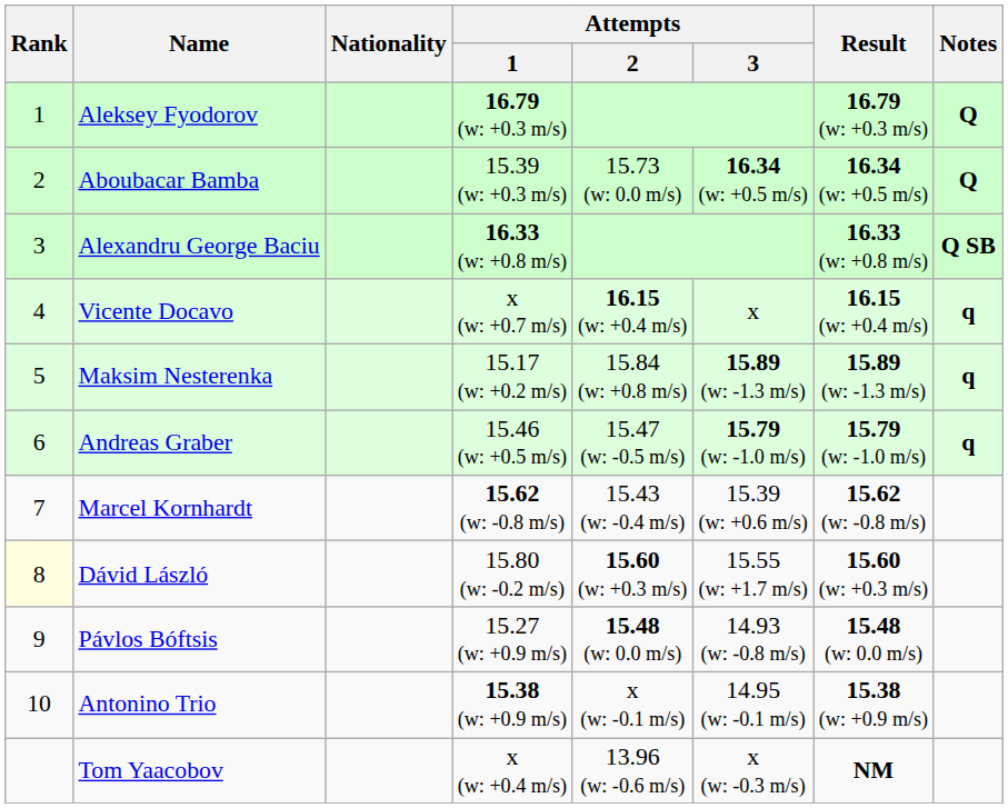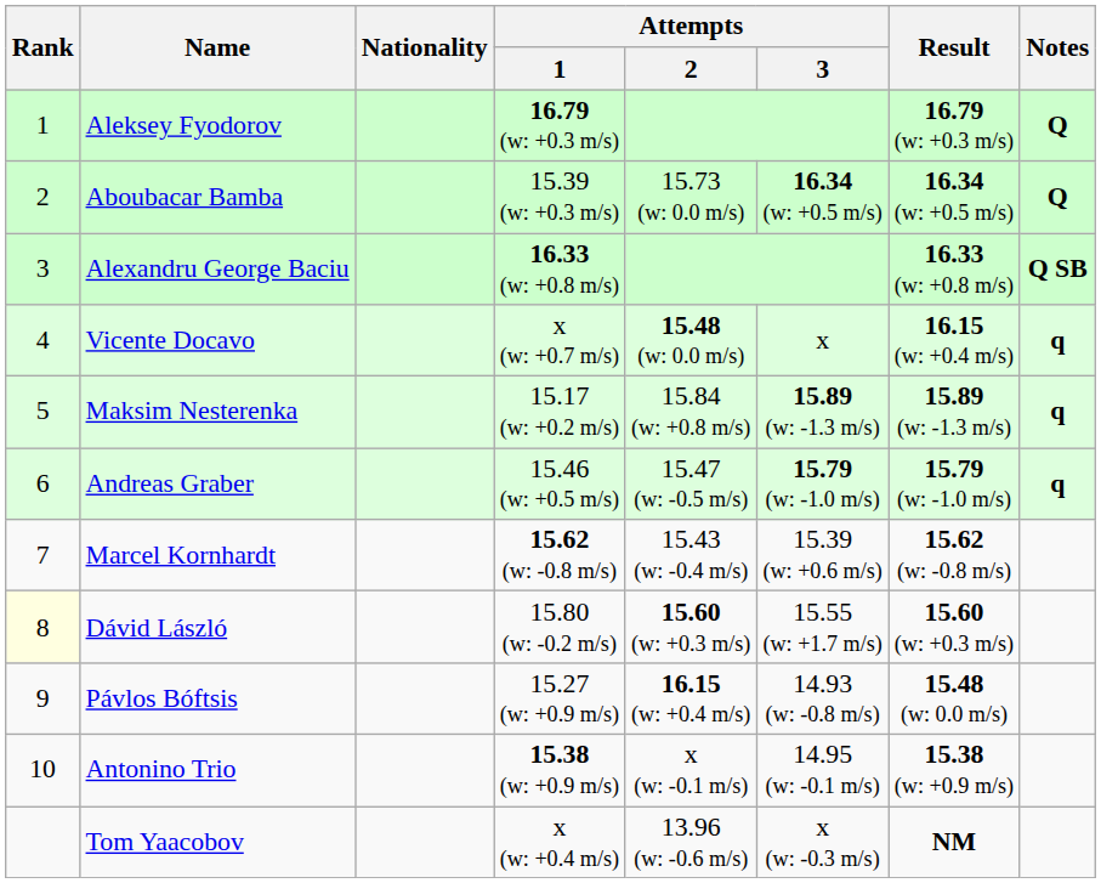 <table class="wikitable sortable" style="text-align:center">
 <tr>
 <th rowspan=2>Rank</th>
 <th rowspan=2>Name</th>
 <th rowspan=2>Nationality</th>
 <th colspan=3>Attempts</th>
 <th rowspan=2>Result</th>
 <th rowspan=2>Notes</th>
 </tr>
 <tr>
 <th>1</th>
 <th>2</th>
 <th>3</th>
 </tr>
 <tr bgcolor=ccffcc>
 <td>1</td>
 <td align=left><a href='#'>Aleksey Fyodorov</a></td>
 <td align=left></td>
 <td><strong>16.79</strong> <br><small>(w: +0.3 m/s)</small></td>
 <td colspan=2></td>
 <td><strong>16.79</strong> <br><small>(w: +0.3 m/s)</small></td>
 <td><strong>Q</strong></td>
 </tr>
 <tr bgcolor=ccffcc>
 <td>2</td>
 <td align=left><a href='#'>Aboubacar Bamba</a></td>
 <td align=left></td>
 <td>15.39 <br><small>(w: +0.3 m/s)</small></td>
 <td>15.73 <br><small>(w: 0.0 m/s)</small></td>
 <td><strong>16.34</strong> <br><small>(w: +0.5 m/s)</small></td>
 <td><strong>16.34</strong> <br><small>(w: +0.5 m/s)</small></td>
 <td><strong>Q</strong></td>
 </tr>
 <tr bgcolor=ccffcc>
 <td>3</td>
 <td align=left><a href='#'>Alexandru George Baciu</a></td>
 <td align=left></td>
 <td><strong>16.33</strong> <br><small>(w: +0.8 m/s)</small></td>
 <td colspan=2></td>
 <td><strong>16.33</strong> <br><small>(w: +0.8 m/s)</small></td>
 <td><strong>Q SB</strong></td>
 </tr>
 <tr bgcolor=ddffdd>
 <td>4</td>
 <td align=left><a href='#'>Vicente Docavo</a></td>
 <td align=left></td>
 <td>x <br><small>(w: +0.7 m/s)</small></td>
-<td><strong>16.15</strong> <br><small>(w: +0.4 m/s)</small></td>
+<td><strong>15.48</strong> <br><small>(w: 0.0 m/s)</small></td>
 <td>x</td>
 <td><strong>16.15</strong> <br><small>(w: +0.4 m/s)</small></td>
 <td><strong>q</strong></td>
 </tr>
 <tr bgcolor=ddffdd>
 <td>5</td>
 <td align=left><a href='#'>Maksim Nesterenka</a></td>
 <td align=left></td>
 <td>15.17 <br><small>(w: +0.2 m/s)</small></td>
 <td>15.84 <br><small>(w: +0.8 m/s)</small></td>
 <td><strong>15.89</strong> <br><small>(w: -1.3 m/s)</small></td>
 <td><strong>15.89</strong> <br><small>(w: -1.3 m/s)</small></td>
 <td><strong>q</strong></td>
 </tr>
 <tr bgcolor=ddffdd>
 <td>6</td>
 <td align=left><a href='#'>Andreas Graber</a></td>
 <td align=left></td>
 <td>15.46 <br><small>(w: +0.5 m/s)</small></td>
 <td>15.47 <br><small>(w: -0.5 m/s)</small></td>
 <td><strong>15.79</strong> <br><small>(w: -1.0 m/s)</small></td>
 <td><strong>15.79</strong> <br><small>(w: -1.0 m/s)</small></td>
 <td><strong>q</strong></td>
 </tr>
 <tr>
 <td>7</td>
 <td align=left><a href='#'>Marcel Kornhardt</a></td>
 <td align=left></td>
 <td><strong>15.62</strong> <br><small>(w: -0.8 m/s)</small></td>
 <td>15.43 <br><small>(w: -0.4 m/s)</small></td>
 <td>15.39 <br><small>(w: +0.6 m/s)</small></td>
 <td><strong>15.62</strong> <br><small>(w: -0.8 m/s)</small></td>
 <td></td>
 </tr>
 <tr>
 <td style="background: lightyellow;">8</td>
 <td align=left><a href='#'>Dávid László</a></td>
 <td align=left></td>
 <td>15.80 <br><small>(w: -0.2 m/s)</small></td>
 <td><strong>15.60</strong> <br><small>(w: +0.3 m/s)</small></td>
 <td>15.55 <br><small>(w: +1.7 m/s)</small></td>
 <td><strong>15.60</strong> <br><small>(w: +0.3 m/s)</small></td>
 <td></td>
 </tr>
 <tr>
 <td>9</td>
 <td align=left><a href='#'>Pávlos Bóftsis</a></td>
 <td align=left></td>
 <td>15.27 <br><small>(w: +0.9 m/s)</small></td>
-<td><strong>15.48</strong> <br><small>(w: 0.0 m/s)</small></td>
+<td><strong>16.15</strong> <br><small>(w: +0.4 m/s)</small></td>
 <td>14.93 <br><small>(w: -0.8 m/s)</small></td>
 <td><strong>15.48</strong> <br><small>(w: 0.0 m/s)</small></td>
 <td></td>
 </tr>
 <tr>
 <td>10</td>
 <td align=left><a href='#'>Antonino Trio</a></td>
 <td align=left></td>
 <td><strong>15.38</strong> <br><small>(w: +0.9 m/s)</small></td>
 <td>x <br><small>(w: -0.1 m/s)</small></td>
 <td>14.95 <br><small>(w: -0.1 m/s)</small></td>
 <td><strong>15.38</strong> <br><small>(w: +0.9 m/s)</small></td>
 <td></td>
 </tr>
 <tr>
 <td></td>
 <td align=left><a href='#'>Tom Yaacobov</a></td>
 <td align=left></td>
 <td>x <br><small>(w: +0.4 m/s)</small></td>
 <td>13.96 <br><small>(w: -0.6 m/s)</small></td>
 <td>x <br><small>(w: -0.3 m/s)</small></td>
 <td><strong>NM</strong></td>
 <td></td>
 </tr>
 </table>
